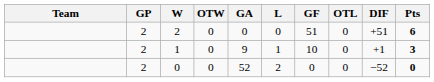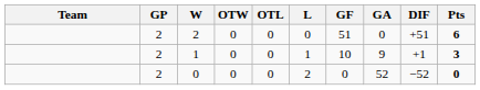 <table class="wikitable" style="text-align:center;">
 <tr>
 <th width=165>Team</th>
 <th width=40>GP</th>
 <th width=40>W</th>
 <th width=40>OTW</th>
-<th width=40>GA</th>
+<th width=40>OTL</th>
 <th width=40>L</th>
 <th width=40>GF</th>
-<th width=40>OTL</th>
+<th width=40>GA</th>
 <th width=40>DIF</th>
 <th width=40>Pts</th>
 </tr>
 <tr>
 <td style="text-align:left;"></td>
 <td>2</td>
 <td>2</td>
 <td>0</td>
 <td>0</td>
 <td>0</td>
 <td>51</td>
 <td>0</td>
 <td>+51</td>
 <td><strong>6</strong></td>
 </tr>
 <tr>
 <td style="text-align:left;"></td>
 <td>2</td>
 <td>1</td>
 <td>0</td>
-<td>9</td>
+<td>0</td>
 <td>1</td>
 <td>10</td>
-<td>0</td>
+<td>9</td>
 <td>+1</td>
 <td><strong>3</strong></td>
 </tr>
 <tr>
 <td style="text-align:left;"></td>
 <td>2</td>
 <td>0</td>
 <td>0</td>
-<td>52</td>
+<td>0</td>
 <td>2</td>
 <td>0</td>
-<td>0</td>
+<td>52</td>
 <td>−52</td>
 <td><strong>0</strong></td>
 </tr>
 </table>
